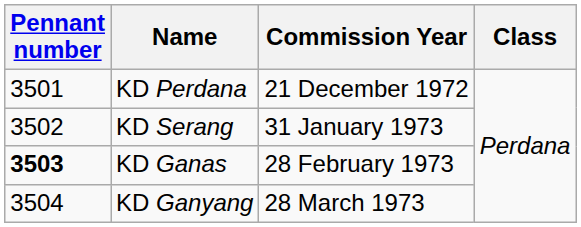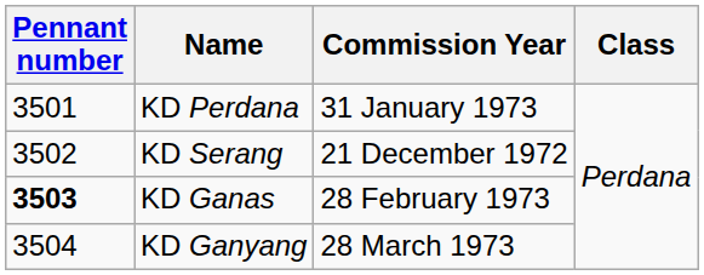 <table class="wikitable">
 <tr>
 <th><a href='#'>Pennant<br>number</a></th>
 <th>Name</th>
 <th>Commission Year</th>
 <th>Class</th>
 </tr>
 <tr>
 <td>3501</td>
 <td>KD <em>Perdana</em></td>
-<td>21 December 1972</td>
+<td>31 January 1973</td>
 <td rowspan=4><em>Perdana</em></td>
 </tr>
 <tr>
 <td>3502</td>
 <td>KD <em>Serang</em></td>
-<td>31 January 1973</td>
+<td>21 December 1972</td>
 </tr>
 <tr>
 <td><strong>3503</strong></td>
 <td>KD <em>Ganas</em></td>
 <td>28 February 1973</td>
 </tr>
 <tr>
 <td>3504</td>
 <td>KD <em>Ganyang</em></td>
 <td>28 March 1973</td>
 </tr>
 </table>
